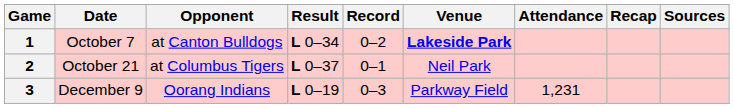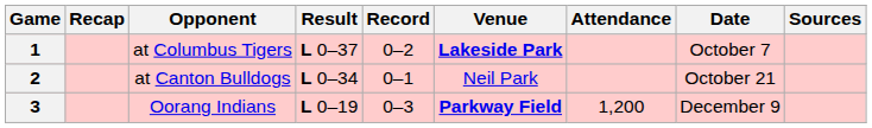 <table class="wikitable" style="text-align:center">
 <tr>
 <th>Game</th>
-<th>Date</th>
+<th>Recap</th>
 <th>Opponent</th>
 <th>Result</th>
 <th>Record</th>
 <th>Venue</th>
 <th>Attendance</th>
-<th>Recap</th>
+<th>Date</th>
 <th>Sources</th>
 </tr>
 <tr style="background:#fcc">
 <th>1</th>
-<td>October 7</td>
-<td>at <a href='#'>Canton Bulldogs</a></td>
-<td><strong>L</strong> 0–34</td>
+<td></td>
+<td>at <a href='#'>Columbus Tigers</a></td>
+<td><strong>L</strong> 0–37</td>
 <td>0–2</td>
 <td><strong><a href='#'>Lakeside Park</a></strong></td>
 <td></td>
-<td></td>
+<td>October 7</td>
 <td></td>
 </tr>
 <tr style="background:#fcc">
 <th>2</th>
-<td>October 21</td>
-<td>at <a href='#'>Columbus Tigers</a></td>
-<td><strong>L</strong> 0–37</td>
+<td></td>
+<td>at <a href='#'>Canton Bulldogs</a></td>
+<td><strong>L</strong> 0–34</td>
 <td>0–1</td>
 <td><a href='#'>Neil Park</a></td>
 <td></td>
-<td></td>
+<td>October 21</td>
 <td></td>
 </tr>
 <tr style="background:#fcc">
 <th>3</th>
-<td>December 9</td>
+<td></td>
 <td><a href='#'>Oorang Indians</a></td>
 <td><strong>L</strong> 0–19</td>
 <td>0–3</td>
-<td><a href='#'>Parkway Field</a></td>
-<td>1,231</td>
-<td></td>
+<td><strong><a href='#'>Parkway Field</a></strong></td>
+<td>1,200</td>
+<td>December 9</td>
 <td></td>
 </tr>
 </table>
